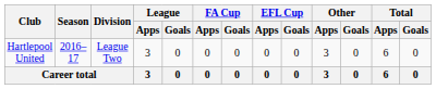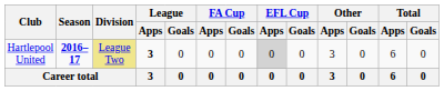 <table class="wikitable" style="text-align:center;">
 <tr>
 <th rowspan="2">Club</th>
 <th rowspan="2">Season</th>
 <th rowspan="2">Division</th>
 <th colspan="2">League</th>
 <th colspan="2"><a href='#'>FA Cup</a></th>
 <th colspan="2"><a href='#'>EFL Cup</a></th>
 <th colspan="2">Other</th>
 <th colspan="2">Total</th>
 </tr>
 <tr>
 <th>Apps</th>
 <th>Goals</th>
 <th>Apps</th>
 <th>Goals</th>
 <th>Apps</th>
 <th>Goals</th>
 <th>Apps</th>
 <th>Goals</th>
 <th>Apps</th>
 <th>Goals</th>
 </tr>
 <tr>
 <td><a href='#'>Hartlepool United</a></td>
-<td><a href='#'>2016–17</a></td>
-<td><a href='#'>League Two</a></td>
-<td>3</td>
+<td><strong><a href='#'>2016–17</a></strong></td>
+<td style="background: khaki;"><a href='#'>League Two</a></td>
+<td><strong>3</strong></td>
 <td>0</td>
 <td>0</td>
 <td>0</td>
-<td>0</td>
+<td style="background: lightgrey;">0</td>
 <td>0</td>
 <td>3</td>
 <td>0</td>
 <td>6</td>
 <td>0</td>
 </tr>
 <tr>
 <th colspan="3">Career total</th>
 <th>3</th>
 <th>0</th>
 <th>0</th>
 <th>0</th>
 <th>0</th>
 <th>0</th>
 <th>3</th>
 <th>0</th>
 <th>6</th>
 <th>0</th>
 </tr>
 </table>
